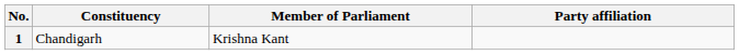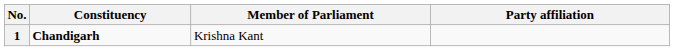 <table class="wikitable sortable">
 <tr style="text-align:center;">
 <th>No.</th>
 <th style="width:12em">Constituency</th>
 <th style="width:18em">Member of Parliament</th>
 <th colspan="2" style="width:18em">Party affiliation</th>
 </tr>
 <tr>
 <th>1</th>
-<td>Chandigarh</td>
+<td><strong>Chandigarh</strong></td>
 <td>Krishna Kant</td>
 <td></td>
 </tr>
 </table>
